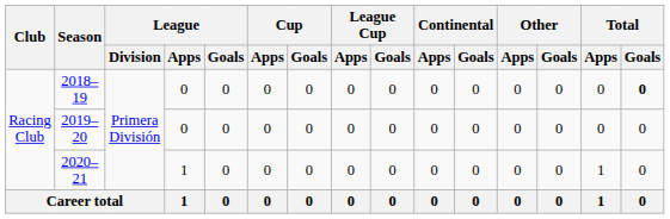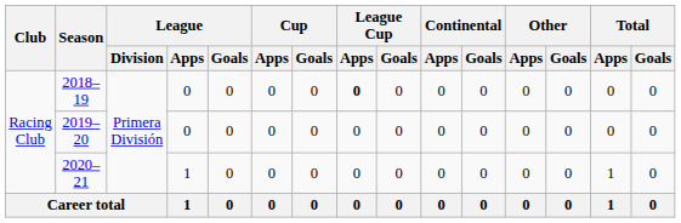 <table class="wikitable" style="text-align:center">
 <tr>
 <th rowspan="2">Club</th>
 <th rowspan="2">Season</th>
 <th colspan="3">League</th>
 <th colspan="2">Cup</th>
 <th colspan="2">League Cup</th>
 <th colspan="2">Continental</th>
 <th colspan="2">Other</th>
 <th colspan="2">Total</th>
 </tr>
 <tr>
 <th>Division</th>
 <th>Apps</th>
 <th>Goals</th>
 <th>Apps</th>
 <th>Goals</th>
 <th>Apps</th>
 <th>Goals</th>
 <th>Apps</th>
 <th>Goals</th>
 <th>Apps</th>
 <th>Goals</th>
 <th>Apps</th>
 <th>Goals</th>
 </tr>
 <tr>
 <td rowspan="3"><a href='#'>Racing Club</a></td>
 <td><a href='#'>2018–19</a></td>
 <td rowspan="3"><a href='#'>Primera División</a></td>
 <td>0</td>
 <td>0</td>
 <td>0</td>
 <td>0</td>
+<td><strong>0</strong></td>
 <td>0</td>
 <td>0</td>
 <td>0</td>
 <td>0</td>
 <td>0</td>
 <td>0</td>
 <td>0</td>
-<td><strong>0</strong></td>
 </tr>
 <tr>
 <td><a href='#'>2019–20</a></td>
 <td>0</td>
 <td>0</td>
 <td>0</td>
 <td>0</td>
 <td>0</td>
 <td>0</td>
 <td>0</td>
 <td>0</td>
 <td>0</td>
 <td>0</td>
 <td>0</td>
 <td>0</td>
 </tr>
 <tr>
 <td><a href='#'>2020–21</a></td>
 <td>1</td>
 <td>0</td>
 <td>0</td>
 <td>0</td>
 <td>0</td>
 <td>0</td>
 <td>0</td>
 <td>0</td>
 <td>0</td>
 <td>0</td>
 <td>1</td>
 <td>0</td>
 </tr>
 <tr>
 <th colspan="3">Career total</th>
 <th>1</th>
 <th>0</th>
 <th>0</th>
 <th>0</th>
 <th>0</th>
 <th>0</th>
 <th>0</th>
 <th>0</th>
 <th>0</th>
 <th>0</th>
 <th>1</th>
 <th>0</th>
 </tr>
 </table>
